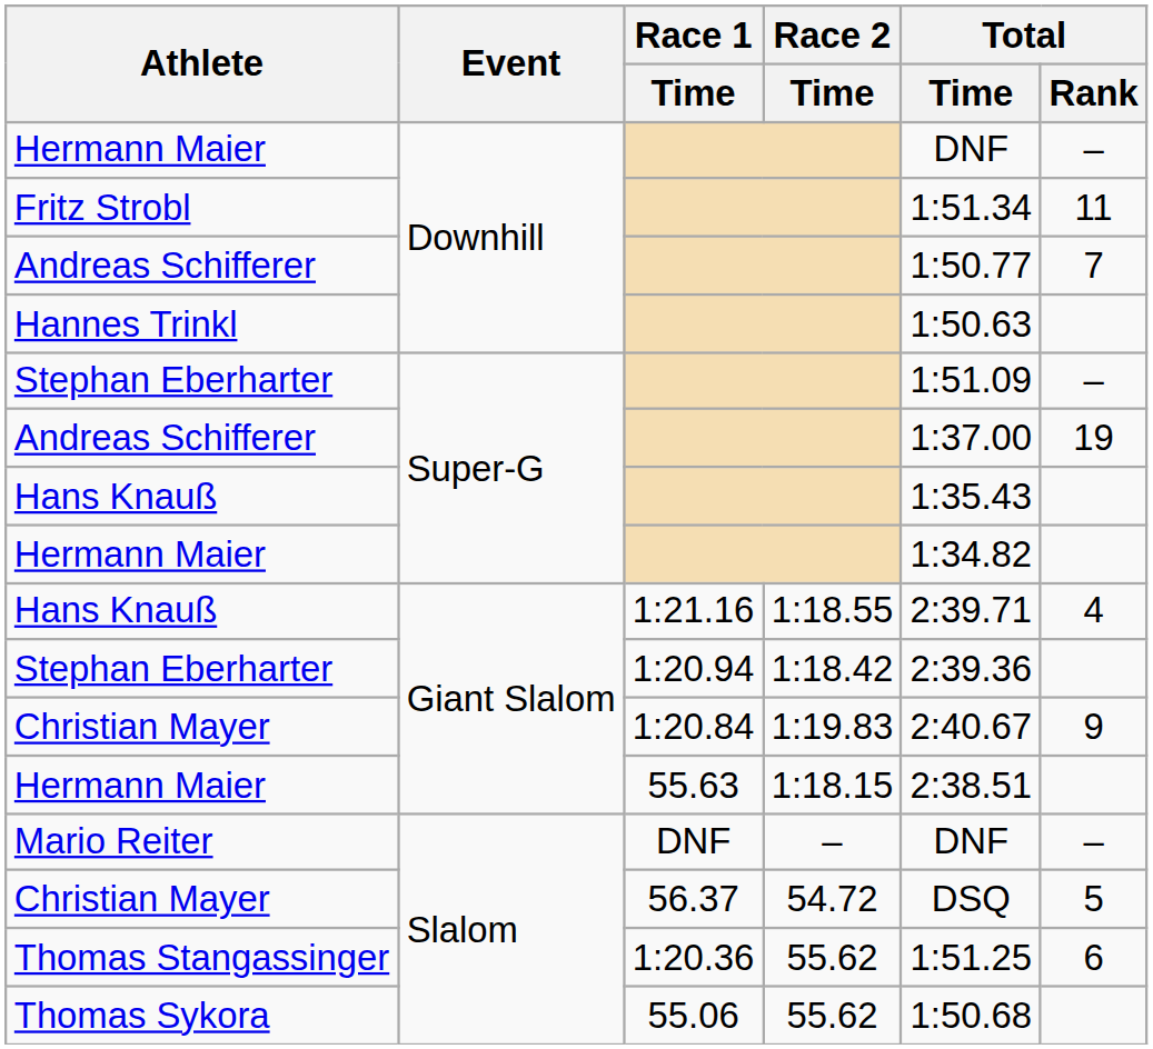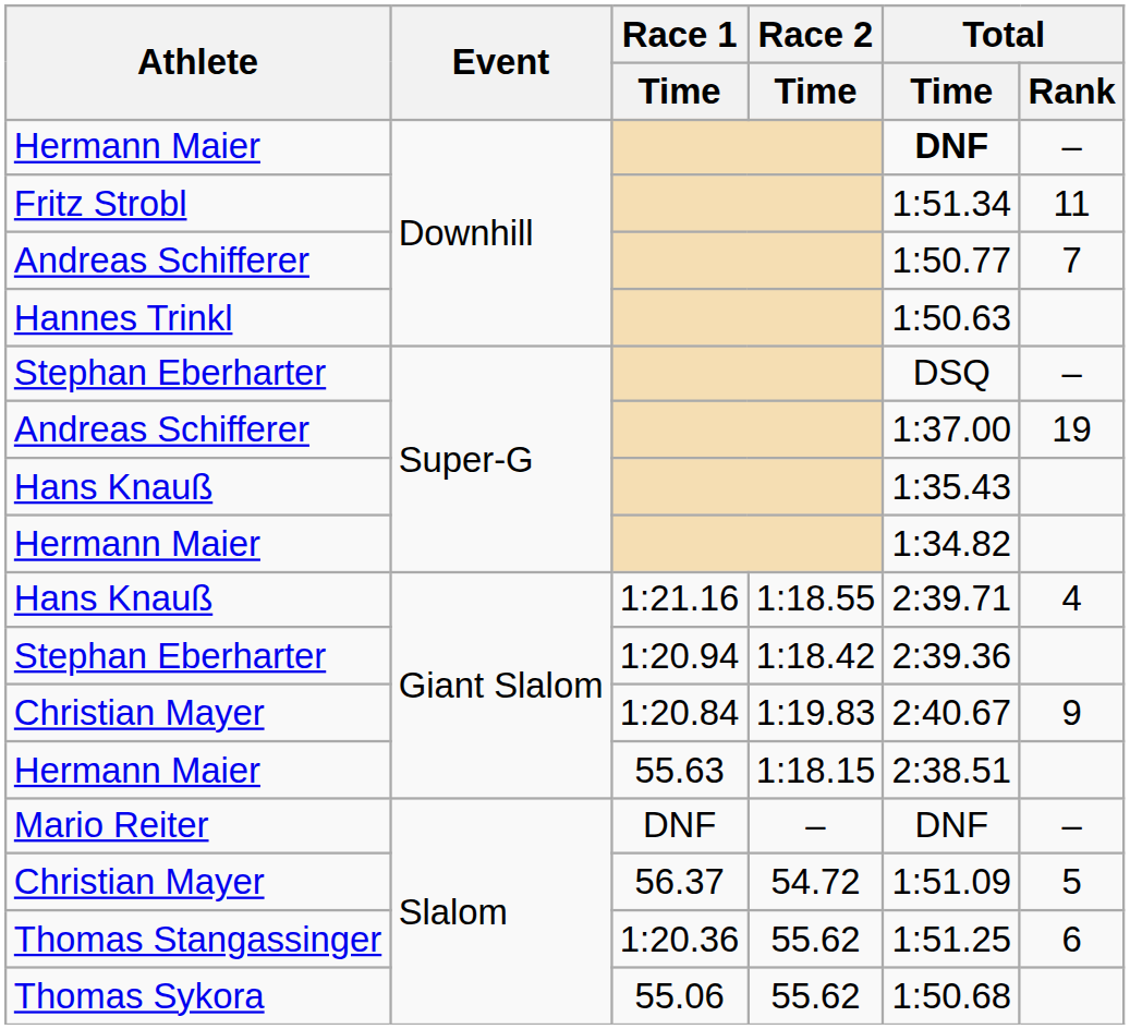 <table class="wikitable" style="font-size:90%">
 <tr>
 <th rowspan="2">Athlete</th>
 <th rowspan="2">Event</th>
 <th>Race 1</th>
 <th>Race 2</th>
 <th colspan="2">Total</th>
 </tr>
 <tr>
 <th>Time</th>
 <th>Time</th>
 <th>Time</th>
 <th>Rank</th>
 </tr>
 <tr>
 <td><a href='#'>Hermann Maier</a></td>
 <td rowspan="4">Downhill</td>
 <td colspan="2" bgcolor="wheat"></td>
-<td align="center">DNF</td>
+<td align="center"><strong>DNF</strong></td>
 <td align="center">–</td>
 </tr>
 <tr>
 <td><a href='#'>Fritz Strobl</a></td>
 <td colspan="2" bgcolor="wheat"></td>
 <td align="center">1:51.34</td>
 <td align="center">11</td>
 </tr>
 <tr>
 <td><a href='#'>Andreas Schifferer</a></td>
 <td colspan="2" bgcolor="wheat"></td>
 <td align="center">1:50.77</td>
 <td align="center">7</td>
 </tr>
 <tr>
 <td><a href='#'>Hannes Trinkl</a></td>
 <td colspan="2" bgcolor="wheat"></td>
 <td align="center">1:50.63</td>
 <td align="center"></td>
 </tr>
 <tr>
 <td><a href='#'>Stephan Eberharter</a></td>
 <td rowspan="4">Super-G</td>
 <td colspan="2" bgcolor="wheat"></td>
-<td align="center">1:51.09</td>
+<td align="center">DSQ</td>
 <td align="center">–</td>
 </tr>
 <tr>
 <td><a href='#'>Andreas Schifferer</a></td>
 <td colspan="2" bgcolor="wheat"></td>
 <td align="center">1:37.00</td>
 <td align="center">19</td>
 </tr>
 <tr>
 <td><a href='#'>Hans Knauß</a></td>
 <td colspan="2" bgcolor="wheat"></td>
 <td align="center">1:35.43</td>
 <td align="center"></td>
 </tr>
 <tr>
 <td><a href='#'>Hermann Maier</a></td>
 <td colspan="2" bgcolor="wheat"></td>
 <td align="center">1:34.82</td>
 <td align="center"></td>
 </tr>
 <tr>
 <td><a href='#'>Hans Knauß</a></td>
 <td rowspan="4">Giant Slalom</td>
 <td align="center">1:21.16</td>
 <td align="center">1:18.55</td>
 <td align="center">2:39.71</td>
 <td align="center">4</td>
 </tr>
 <tr>
 <td><a href='#'>Stephan Eberharter</a></td>
 <td align="center">1:20.94</td>
 <td align="center">1:18.42</td>
 <td align="center">2:39.36</td>
 <td align="center"></td>
 </tr>
 <tr>
 <td><a href='#'>Christian Mayer</a></td>
 <td align="center">1:20.84</td>
 <td align="center">1:19.83</td>
 <td align="center">2:40.67</td>
 <td align="center">9</td>
 </tr>
 <tr>
 <td><a href='#'>Hermann Maier</a></td>
 <td align="center">55.63</td>
 <td align="center">1:18.15</td>
 <td align="center">2:38.51</td>
 <td align="center"></td>
 </tr>
 <tr>
 <td><a href='#'>Mario Reiter</a></td>
 <td rowspan="4">Slalom</td>
 <td align="center">DNF</td>
 <td align="center">–</td>
 <td align="center">DNF</td>
 <td align="center">–</td>
 </tr>
 <tr>
 <td><a href='#'>Christian Mayer</a></td>
 <td align="center">56.37</td>
 <td align="center">54.72</td>
-<td align="center">DSQ</td>
+<td align="center">1:51.09</td>
 <td align="center">5</td>
 </tr>
 <tr>
 <td><a href='#'>Thomas Stangassinger</a></td>
 <td align="center">1:20.36</td>
 <td align="center">55.62</td>
 <td align="center">1:51.25</td>
 <td align="center">6</td>
 </tr>
 <tr>
 <td><a href='#'>Thomas Sykora</a></td>
 <td align="center">55.06</td>
 <td align="center">55.62</td>
 <td align="center">1:50.68</td>
 <td align="center"></td>
 </tr>
 </table>
